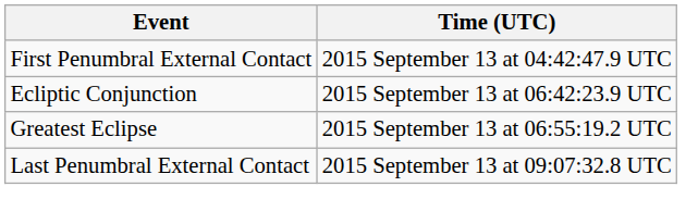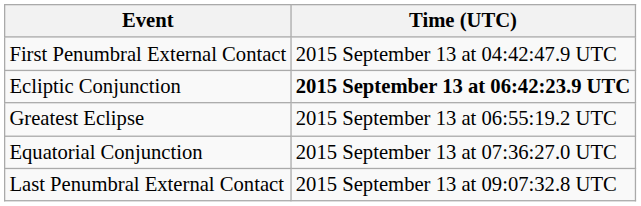 <table class="wikitable">
 <tr>
 <th>Event</th>
 <th>Time (UTC)</th>
 </tr>
 <tr>
 <td>First Penumbral External Contact</td>
 <td>2015 September 13 at 04:42:47.9 UTC</td>
 </tr>
 <tr>
 <td>Ecliptic Conjunction</td>
-<td>2015 September 13 at 06:42:23.9 UTC</td>
+<td><strong>2015 September 13 at 06:42:23.9 UTC</strong></td>
 </tr>
 <tr>
 <td>Greatest Eclipse</td>
 <td>2015 September 13 at 06:55:19.2 UTC</td>
 </tr>
 <tr>
+<td>Equatorial Conjunction</td>
+<td>2015 September 13 at 07:36:27.0 UTC</td>
+</tr>
+<tr>
 <td>Last Penumbral External Contact</td>
 <td>2015 September 13 at 09:07:32.8 UTC</td>
 </tr>
 </table>
